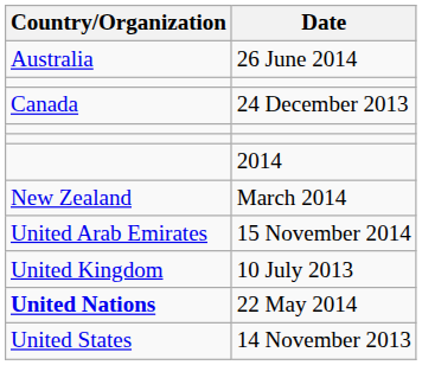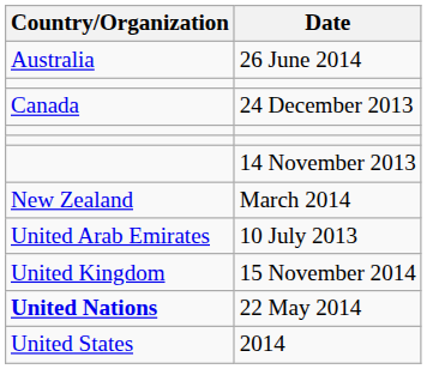 <table class="wikitable sortable">
 <tr>
 <th>Country/Organization</th>
 <th data-sort-type="date">Date</th>
 </tr>
 <tr>
 <td> <a href='#'>Australia</a></td>
 <td>26 June 2014</td>
 </tr>
 <tr>
 <td></td>
 <td></td>
 </tr>
 <tr>
 <td> <a href='#'>Canada</a></td>
 <td>24 December 2013</td>
 </tr>
 <tr>
 <td></td>
 <td></td>
 </tr>
 <tr>
 <td></td>
 <td></td>
 </tr>
 <tr>
 <td></td>
-<td>2014</td>
+<td>14 November 2013</td>
 </tr>
 <tr>
 <td> <a href='#'>New Zealand</a></td>
 <td>March 2014</td>
 </tr>
 <tr>
 <td> <a href='#'>United Arab Emirates</a></td>
-<td>15 November 2014</td>
+<td>10 July 2013</td>
 </tr>
 <tr>
 <td> <a href='#'>United Kingdom</a></td>
-<td>10 July 2013</td>
+<td>15 November 2014</td>
 </tr>
 <tr>
 <td><strong> <a href='#'>United Nations</a></strong></td>
 <td>22 May 2014</td>
 </tr>
 <tr>
 <td> <a href='#'>United States</a></td>
-<td>14 November 2013</td>
+<td>2014</td>
 </tr>
 </table>
